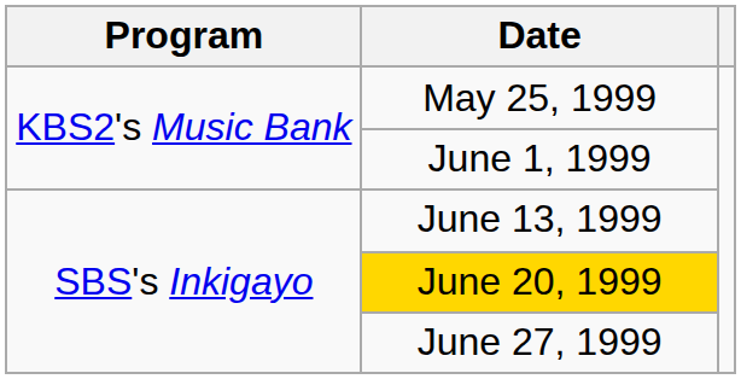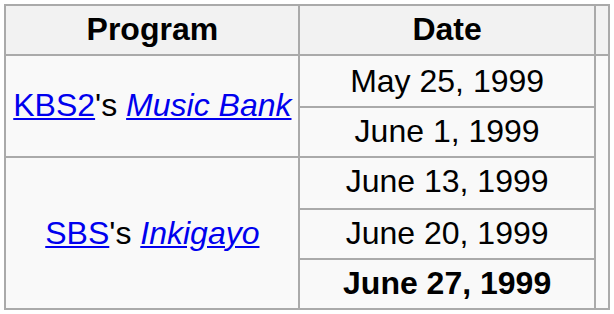 <table class="wikitable" style="text-align:center">
 <tr>
 <th width="140">Program</th>
 <th width="140">Date</th>
 <th class="unsortable"></th>
 </tr>
 <tr>
 <td rowspan="2"><a href='#'>KBS2</a>'s <a href='#'><em>Music Bank</em></a></td>
 <td>May 25, 1999</td>
 <td rowspan="5"></td>
 </tr>
 <tr>
 <td>June 1, 1999</td>
 </tr>
 <tr>
 <td rowspan="3"><a href='#'>SBS</a>'s <em><a href='#'>Inkigayo</a></em></td>
 <td>June 13, 1999</td>
 </tr>
 <tr>
-<td style="background: gold;">June 20, 1999</td>
+<td>June 20, 1999</td>
 </tr>
 <tr>
-<td>June 27, 1999</td>
+<td><strong>June 27, 1999</strong></td>
 </tr>
 </table>
